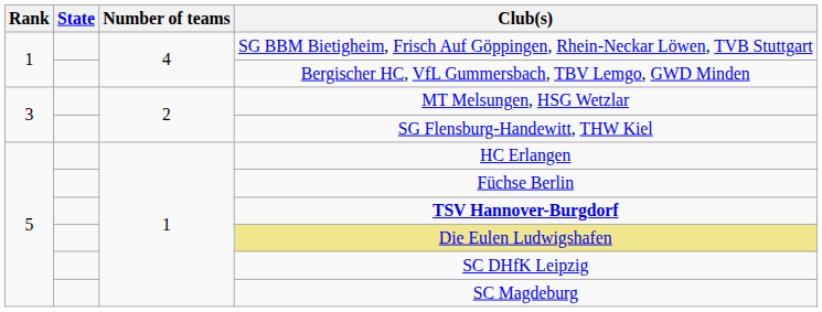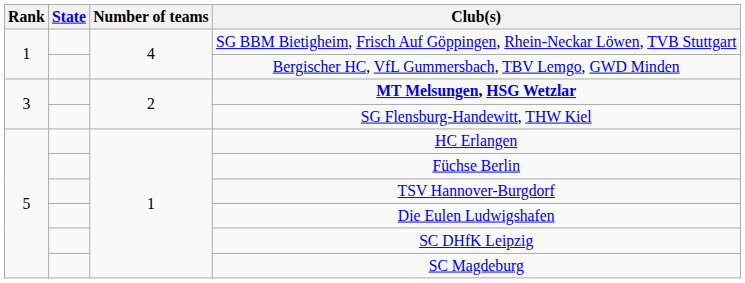 <table class="wikitable">
 <tr>
 <th>Rank</th>
 <th><a href='#'>State</a></th>
 <th>Number of teams</th>
 <th>Club(s)</th>
 </tr>
 <tr>
 <td align="center" rowspan=2>1</td>
 <td></td>
 <td align="center" rowspan=2>4</td>
 <td align="center"><a href='#'>SG BBM Bietigheim</a>, <a href='#'>Frisch Auf Göppingen</a>, <a href='#'>Rhein-Neckar Löwen</a>, <a href='#'>TVB Stuttgart</a></td>
 </tr>
 <tr>
 <td></td>
 <td align="center"><a href='#'>Bergischer HC</a>, <a href='#'>VfL Gummersbach</a>, <a href='#'>TBV Lemgo</a>, <a href='#'>GWD Minden</a></td>
 </tr>
 <tr>
 <td align="center" rowspan=2>3</td>
 <td></td>
 <td align="center" rowspan=2>2</td>
-<td align="center"><a href='#'>MT Melsungen</a>, <a href='#'>HSG Wetzlar</a></td>
+<td align="center"><strong><a href='#'>MT Melsungen</a>, <a href='#'>HSG Wetzlar</a></strong></td>
 </tr>
 <tr>
 <td></td>
 <td align="center"><a href='#'>SG Flensburg-Handewitt</a>, <a href='#'>THW Kiel</a></td>
 </tr>
 <tr>
 <td align="center" rowspan=6>5</td>
 <td></td>
 <td align="center" rowspan=6>1</td>
 <td align="center"><a href='#'>HC Erlangen</a></td>
 </tr>
 <tr>
 <td></td>
 <td align="center"><a href='#'>Füchse Berlin</a></td>
 </tr>
 <tr>
 <td></td>
-<td align="center"><strong><a href='#'>TSV Hannover-Burgdorf</a></strong></td>
+<td align="center"><a href='#'>TSV Hannover-Burgdorf</a></td>
 </tr>
 <tr>
 <td></td>
-<td align="center" style="background: khaki;"><a href='#'>Die Eulen Ludwigshafen</a></td>
+<td align="center"><a href='#'>Die Eulen Ludwigshafen</a></td>
 </tr>
 <tr>
 <td></td>
 <td align="center"><a href='#'>SC DHfK Leipzig</a></td>
 </tr>
 <tr>
 <td></td>
 <td align="center"><a href='#'>SC Magdeburg</a></td>
 </tr>
 </table>
